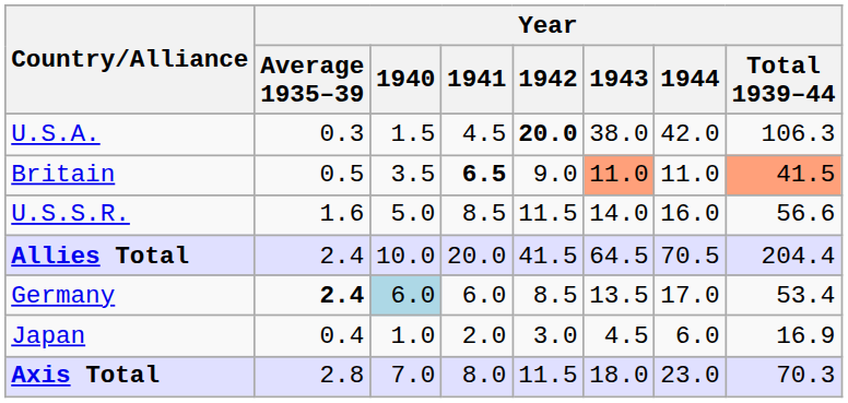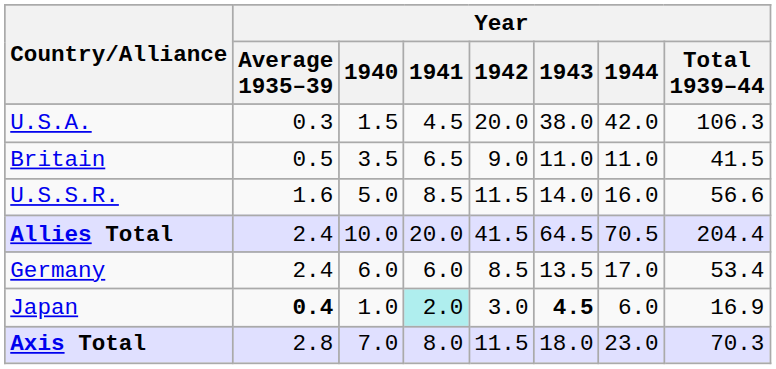 <table class="wikitable">
 <tr>
 <th rowspan="2">Country/Alliance</th>
 <th colspan="7">Year</th>
 </tr>
 <tr>
 <th>Average<br>1935–39</th>
 <th>1940</th>
 <th>1941</th>
 <th>1942</th>
 <th>1943</th>
 <th>1944</th>
 <th>Total<br>1939–44</th>
 </tr>
 <tr style="text-align:right">
 <td align="left"> <a href='#'>U.S.A.</a></td>
 <td>0.3</td>
 <td>1.5</td>
 <td>4.5</td>
-<td><strong>20.0</strong></td>
+<td>20.0</td>
 <td>38.0</td>
 <td>42.0</td>
 <td>106.3</td>
 </tr>
 <tr style="text-align:right">
 <td align="left"> <a href='#'>Britain</a></td>
 <td>0.5</td>
 <td>3.5</td>
-<td><strong>6.5</strong></td>
+<td>6.5</td>
 <td>9.0</td>
-<td style="background: lightsalmon;">11.0</td>
 <td>11.0</td>
-<td style="background: lightsalmon;">41.5</td>
+<td>11.0</td>
+<td>41.5</td>
 </tr>
 <tr style="text-align:right">
 <td align="left"> <a href='#'>U.S.S.R.</a></td>
 <td>1.6</td>
 <td>5.0</td>
 <td>8.5</td>
 <td>11.5</td>
 <td>14.0</td>
 <td>16.0</td>
 <td>56.6</td>
 </tr>
 <tr style="text-align:right; background:#E0E0FF;">
 <td align="left"><strong><a href='#'>Allies</a> Total</strong></td>
 <td>2.4</td>
 <td>10.0</td>
 <td>20.0</td>
 <td>41.5</td>
 <td>64.5</td>
 <td>70.5</td>
 <td>204.4</td>
 </tr>
 <tr style="text-align:right">
 <td align="left"> <a href='#'>Germany</a></td>
-<td><strong>2.4</strong></td>
-<td style="background: lightblue;">6.0</td>
+<td>2.4</td>
+<td>6.0</td>
 <td>6.0</td>
 <td>8.5</td>
 <td>13.5</td>
 <td>17.0</td>
 <td>53.4</td>
 </tr>
 <tr style="text-align:right">
 <td align="left"> <a href='#'>Japan</a></td>
-<td>0.4</td>
+<td><strong>0.4</strong></td>
 <td>1.0</td>
-<td>2.0</td>
+<td style="background: paleturquoise;">2.0</td>
 <td>3.0</td>
-<td>4.5</td>
+<td><strong>4.5</strong></td>
 <td>6.0</td>
 <td>16.9</td>
 </tr>
 <tr style="text-align:right; background:#E0E0FF;">
 <td align="left"><strong><a href='#'>Axis</a> Total</strong></td>
 <td>2.8</td>
 <td>7.0</td>
 <td>8.0</td>
 <td>11.5</td>
 <td>18.0</td>
 <td>23.0</td>
 <td>70.3</td>
 </tr>
 </table>
